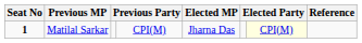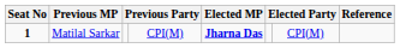 <table class="wikitable">
 <tr>
 <th>Seat No</th>
 <th>Previous MP</th>
 <th colspan=2>Previous Party</th>
 <th>Elected MP</th>
 <th colspan=2>Elected Party</th>
 <th>Reference</th>
 </tr>
 <tr style="text-align:center;">
 <td><strong>1</strong></td>
 <td><a href='#'>Matilal Sarkar</a></td>
 <td width="1px"></td>
 <td><a href='#'>CPI(M)</a></td>
-<td><a href='#'>Jharna Das</a></td>
+<td><strong><a href='#'>Jharna Das</a></strong></td>
 <td width="1px"></td>
-<td style="background: lightyellow;"><a href='#'>CPI(M)</a></td>
+<td><a href='#'>CPI(M)</a></td>
 <td></td>
 </tr>
 </table>
